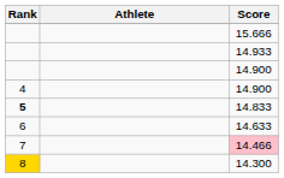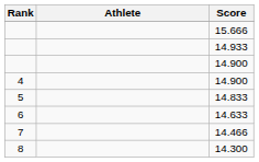 <table class=wikitable style="text-align:center">
 <tr>
 <th width=40>Rank</th>
 <th width=250>Athlete</th>
 <th width=60>Score</th>
 </tr>
 <tr>
 </tr>
 <tr>
 <td></td>
 <td align=left></td>
 <td>15.666</td>
 </tr>
 <tr>
 <td></td>
 <td align=left></td>
 <td>14.933</td>
 </tr>
 <tr>
 <td></td>
 <td align=left></td>
 <td>14.900</td>
 </tr>
 <tr>
 <td>4</td>
 <td align=left></td>
 <td>14.900</td>
 </tr>
 <tr>
-<td><strong>5</strong></td>
+<td>5</td>
 <td align=left></td>
 <td>14.833</td>
 </tr>
 <tr>
 <td>6</td>
 <td align=left></td>
 <td>14.633</td>
 </tr>
 <tr>
 <td>7</td>
 <td align=left></td>
-<td style="background: pink;">14.466</td>
+<td>14.466</td>
 </tr>
 <tr>
-<td style="background: gold;">8</td>
+<td>8</td>
 <td align=left></td>
 <td>14.300</td>
 </tr>
 </table>
